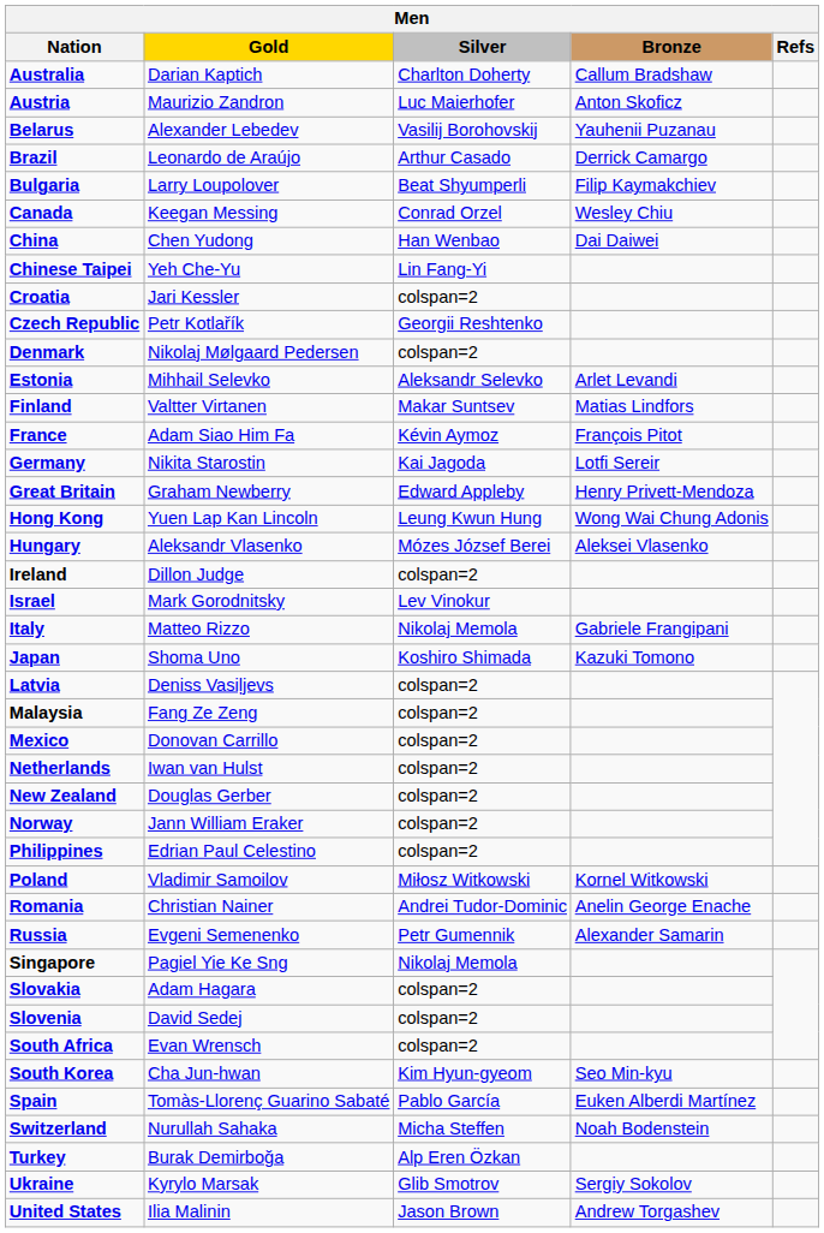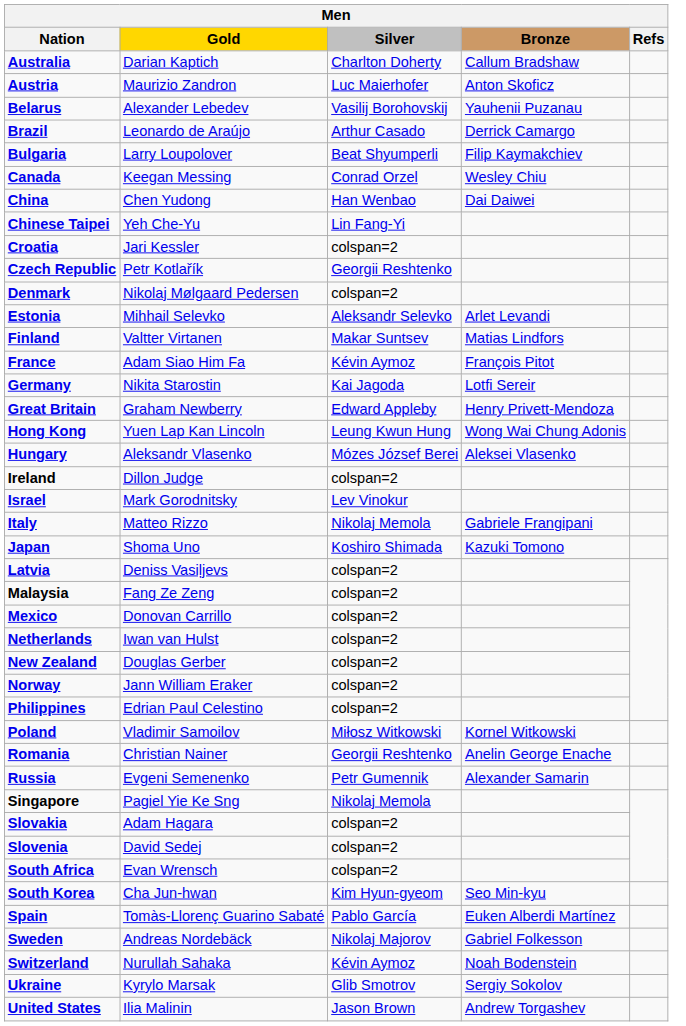 <table class="wikitable">
 <tr>
 <th colspan=5>Men</th>
 </tr>
 <tr>
 <th>Nation</th>
 <td style="text-align:center; background:gold;"><strong>Gold</strong></td>
 <td style="text-align:center; background:silver;"><strong>Silver</strong></td>
 <td style="text-align:center; background:#c96;"><strong>Bronze</strong></td>
 <th>Refs</th>
 </tr>
 <tr>
 <td><strong> <a href='#'>Australia</a></strong></td>
 <td><a href='#'>Darian Kaptich</a></td>
 <td><a href='#'>Charlton Doherty</a></td>
 <td><a href='#'>Callum Bradshaw</a></td>
 <td></td>
 </tr>
 <tr>
 <td><strong> <a href='#'>Austria</a></strong></td>
 <td><a href='#'>Maurizio Zandron</a></td>
 <td><a href='#'>Luc Maierhofer</a></td>
 <td><a href='#'>Anton Skoficz</a></td>
 <td></td>
 </tr>
 <tr>
 <td><strong> <a href='#'>Belarus</a></strong></td>
 <td><a href='#'>Alexander Lebedev</a></td>
 <td><a href='#'>Vasilij Borohovskij</a></td>
 <td><a href='#'>Yauhenii Puzanau</a></td>
 <td></td>
 </tr>
 <tr>
 <td><strong> <a href='#'>Brazil</a></strong></td>
 <td><a href='#'>Leonardo de Araújo</a></td>
 <td><a href='#'>Arthur Casado</a></td>
 <td><a href='#'>Derrick Camargo</a></td>
 <td></td>
 </tr>
 <tr>
 <td><strong> <a href='#'>Bulgaria</a></strong></td>
 <td><a href='#'>Larry Loupolover</a></td>
 <td><a href='#'>Beat Shyumperli</a></td>
 <td><a href='#'>Filip Kaymakchiev</a></td>
 <td></td>
 </tr>
 <tr>
 <td><strong> <a href='#'>Canada</a></strong></td>
 <td><a href='#'>Keegan Messing</a></td>
 <td><a href='#'>Conrad Orzel</a></td>
 <td><a href='#'>Wesley Chiu</a></td>
 <td></td>
 </tr>
 <tr>
 <td><strong> <a href='#'>China</a></strong></td>
 <td><a href='#'>Chen Yudong</a></td>
 <td><a href='#'>Han Wenbao</a></td>
 <td><a href='#'>Dai Daiwei</a></td>
 <td></td>
 </tr>
 <tr>
 <td><strong> <a href='#'>Chinese Taipei</a></strong></td>
 <td><a href='#'>Yeh Che-Yu</a></td>
 <td><a href='#'>Lin Fang-Yi</a></td>
 <td></td>
 <td></td>
 </tr>
 <tr>
 <td><strong> <a href='#'>Croatia</a></strong></td>
 <td><a href='#'>Jari Kessler</a></td>
 <td>colspan=2 </td>
 <td></td>
 </tr>
 <tr>
 <td><strong> <a href='#'>Czech Republic</a></strong></td>
 <td><a href='#'>Petr Kotlařík</a></td>
 <td><a href='#'>Georgii Reshtenko</a></td>
 <td></td>
 <td></td>
 </tr>
 <tr>
 <td><strong> <a href='#'>Denmark</a></strong></td>
 <td><a href='#'>Nikolaj Mølgaard Pedersen</a></td>
 <td>colspan=2 </td>
 <td></td>
 </tr>
 <tr>
 <td><strong> <a href='#'>Estonia</a></strong></td>
 <td><a href='#'>Mihhail Selevko</a></td>
 <td><a href='#'>Aleksandr Selevko</a></td>
 <td><a href='#'>Arlet Levandi</a></td>
 <td></td>
 </tr>
 <tr>
 <td><strong> <a href='#'>Finland</a></strong></td>
 <td><a href='#'>Valtter Virtanen</a></td>
 <td><a href='#'>Makar Suntsev</a></td>
 <td><a href='#'>Matias Lindfors</a></td>
 <td></td>
 </tr>
 <tr>
 <td><strong> <a href='#'>France</a></strong></td>
 <td><a href='#'>Adam Siao Him Fa</a></td>
 <td><a href='#'>Kévin Aymoz</a></td>
 <td><a href='#'>François Pitot</a></td>
 <td></td>
 </tr>
 <tr>
 <td><strong> <a href='#'>Germany</a></strong></td>
 <td><a href='#'>Nikita Starostin</a></td>
 <td><a href='#'>Kai Jagoda</a></td>
 <td><a href='#'>Lotfi Sereir</a></td>
 <td></td>
 </tr>
 <tr>
 <td><strong> <a href='#'>Great Britain</a></strong></td>
 <td><a href='#'>Graham Newberry</a></td>
 <td><a href='#'>Edward Appleby</a></td>
 <td><a href='#'>Henry Privett-Mendoza</a></td>
 <td></td>
 </tr>
 <tr>
 <td><strong> <a href='#'>Hong Kong</a></strong></td>
 <td><a href='#'>Yuen Lap Kan Lincoln</a></td>
 <td><a href='#'>Leung Kwun Hung</a></td>
 <td><a href='#'>Wong Wai Chung Adonis</a></td>
 <td></td>
 </tr>
 <tr>
 <td><strong> <a href='#'>Hungary</a></strong></td>
 <td><a href='#'>Aleksandr Vlasenko</a></td>
 <td><a href='#'>Mózes József Berei</a></td>
 <td><a href='#'>Aleksei Vlasenko</a></td>
 <td></td>
 </tr>
 <tr>
 <td><strong> Ireland</strong></td>
 <td><a href='#'>Dillon Judge</a></td>
 <td>colspan=2 </td>
 <td></td>
 </tr>
 <tr>
 <td><strong> <a href='#'>Israel</a></strong></td>
 <td><a href='#'>Mark Gorodnitsky</a></td>
 <td><a href='#'>Lev Vinokur</a></td>
 <td></td>
 <td></td>
 </tr>
 <tr>
 <td><strong> <a href='#'>Italy</a></strong></td>
 <td><a href='#'>Matteo Rizzo</a></td>
 <td><a href='#'>Nikolaj Memola</a></td>
 <td><a href='#'>Gabriele Frangipani</a></td>
 <td></td>
 </tr>
 <tr>
 <td><strong> <a href='#'>Japan</a></strong></td>
 <td><a href='#'>Shoma Uno</a></td>
 <td><a href='#'>Koshiro Shimada</a></td>
 <td><a href='#'>Kazuki Tomono</a></td>
 <td></td>
 </tr>
 <tr>
 <td><strong> <a href='#'>Latvia</a></strong></td>
 <td><a href='#'>Deniss Vasiļjevs</a></td>
 <td>colspan=2 </td>
 <td></td>
 </tr>
 <tr>
 <td><strong> Malaysia</strong></td>
 <td><a href='#'>Fang Ze Zeng</a></td>
 <td>colspan=2 </td>
 <td></td>
 </tr>
 <tr>
 <td><strong> <a href='#'>Mexico</a></strong></td>
 <td><a href='#'>Donovan Carrillo</a></td>
 <td>colspan=2 </td>
 <td></td>
 </tr>
 <tr>
 <td><strong> <a href='#'>Netherlands</a></strong></td>
 <td><a href='#'>Iwan van Hulst</a></td>
 <td>colspan=2 </td>
 <td></td>
 </tr>
 <tr>
 <td><strong> <a href='#'>New Zealand</a></strong></td>
 <td><a href='#'>Douglas Gerber</a></td>
 <td>colspan=2 </td>
 <td></td>
 </tr>
 <tr>
 <td><strong> <a href='#'>Norway</a></strong></td>
 <td><a href='#'>Jann William Eraker</a></td>
 <td>colspan=2 </td>
 <td></td>
 </tr>
 <tr>
 <td><strong> <a href='#'>Philippines</a></strong></td>
 <td><a href='#'>Edrian Paul Celestino</a></td>
 <td>colspan=2 </td>
 <td></td>
 </tr>
 <tr>
 <td><strong> <a href='#'>Poland</a></strong></td>
 <td><a href='#'>Vladimir Samoilov</a></td>
 <td><a href='#'>Miłosz Witkowski</a></td>
 <td><a href='#'>Kornel Witkowski</a></td>
 <td></td>
 </tr>
 <tr>
 <td><strong> <a href='#'>Romania</a></strong></td>
 <td><a href='#'>Christian Nainer</a></td>
-<td><a href='#'>Andrei Tudor-Dominic</a></td>
+<td><a href='#'>Georgii Reshtenko</a></td>
 <td><a href='#'>Anelin George Enache</a></td>
 <td></td>
 </tr>
 <tr>
 <td><strong> <a href='#'>Russia</a></strong></td>
 <td><a href='#'>Evgeni Semenenko</a></td>
 <td><a href='#'>Petr Gumennik</a></td>
 <td><a href='#'>Alexander Samarin</a></td>
 <td></td>
 </tr>
 <tr>
 <td><strong> Singapore</strong></td>
 <td><a href='#'>Pagiel Yie Ke Sng</a></td>
 <td><a href='#'>Nikolaj Memola</a></td>
 <td></td>
 </tr>
 <tr>
 <td><strong> <a href='#'>Slovakia</a></strong></td>
 <td><a href='#'>Adam Hagara</a></td>
 <td>colspan=2 </td>
 <td></td>
 </tr>
 <tr>
 <td><strong> <a href='#'>Slovenia</a></strong></td>
 <td><a href='#'>David Sedej</a></td>
 <td>colspan=2 </td>
 <td></td>
 </tr>
 <tr>
 <td><strong> <a href='#'>South Africa</a></strong></td>
 <td><a href='#'>Evan Wrensch</a></td>
 <td>colspan=2 </td>
 <td></td>
 </tr>
 <tr>
 <td><strong> <a href='#'>South Korea</a></strong></td>
 <td><a href='#'>Cha Jun-hwan</a></td>
 <td><a href='#'>Kim Hyun-gyeom</a></td>
 <td><a href='#'>Seo Min-kyu</a></td>
 <td></td>
 </tr>
 <tr>
 <td><strong> <a href='#'>Spain</a></strong></td>
 <td><a href='#'>Tomàs-Llorenç Guarino Sabaté</a></td>
 <td><a href='#'>Pablo García</a></td>
 <td><a href='#'>Euken Alberdi Martínez</a></td>
 <td></td>
 </tr>
 <tr>
-<td><strong> <a href='#'>Switzerland</a></strong></td>
-<td><a href='#'>Nurullah Sahaka</a></td>
-<td><a href='#'>Micha Steffen</a></td>
-<td><a href='#'>Noah Bodenstein</a></td>
+<td><strong> <a href='#'>Sweden</a></strong></td>
+<td><a href='#'>Andreas Nordebäck</a></td>
+<td><a href='#'>Nikolaj Majorov</a></td>
+<td><a href='#'>Gabriel Folkesson</a></td>
 <td></td>
 </tr>
 <tr>
-<td><strong> <a href='#'>Turkey</a></strong></td>
-<td><a href='#'>Burak Demirboğa</a></td>
-<td><a href='#'>Alp Eren Özkan</a></td>
-<td></td>
+<td><strong> <a href='#'>Switzerland</a></strong></td>
+<td><a href='#'>Nurullah Sahaka</a></td>
+<td><a href='#'>Kévin Aymoz</a></td>
+<td><a href='#'>Noah Bodenstein</a></td>
 <td></td>
 </tr>
 <tr>
 <td><strong> <a href='#'>Ukraine</a></strong></td>
 <td><a href='#'>Kyrylo Marsak</a></td>
 <td><a href='#'>Glib Smotrov</a></td>
 <td><a href='#'>Sergiy Sokolov</a></td>
 <td></td>
 </tr>
 <tr>
 <td><strong> <a href='#'>United States</a></strong></td>
 <td><a href='#'>Ilia Malinin</a></td>
 <td><a href='#'>Jason Brown</a></td>
 <td><a href='#'>Andrew Torgashev</a></td>
 <td></td>
 </tr>
 </table>
